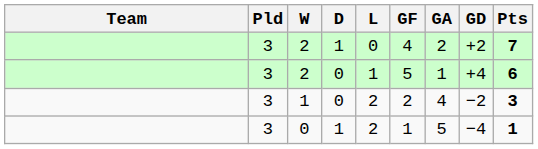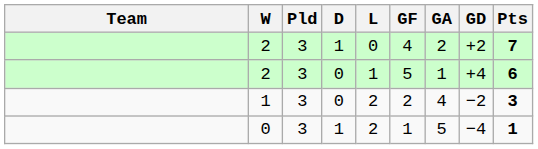 <table class="wikitable" style="text-align:center;">
 <tr>
 <th width=180>Team</th>
+<th width=20>W</th>
 <th width=20>Pld</th>
-<th width=20>W</th>
 <th width=20>D</th>
 <th width=20>L</th>
 <th width=20>GF</th>
 <th width=20>GA</th>
 <th width=20>GD</th>
 <th width=20>Pts</th>
 </tr>
 <tr align=center style="background:#ccffcc;">
 <td style="text-align:left;"></td>
+<td>2</td>
 <td>3</td>
-<td>2</td>
 <td>1</td>
 <td>0</td>
 <td>4</td>
 <td>2</td>
 <td>+2</td>
 <td><strong>7</strong></td>
 </tr>
 <tr align=center style="background:#ccffcc;">
 <td style="text-align:left;"></td>
+<td>2</td>
 <td>3</td>
-<td>2</td>
 <td>0</td>
 <td>1</td>
 <td>5</td>
 <td>1</td>
 <td>+4</td>
 <td><strong>6</strong></td>
 </tr>
 <tr align=center>
 <td style="text-align:left;"></td>
+<td>1</td>
 <td>3</td>
-<td>1</td>
 <td>0</td>
 <td>2</td>
 <td>2</td>
 <td>4</td>
 <td>−2</td>
 <td><strong>3</strong></td>
 </tr>
 <tr align=center>
 <td style="text-align:left;"></td>
+<td>0</td>
 <td>3</td>
-<td>0</td>
 <td>1</td>
 <td>2</td>
 <td>1</td>
 <td>5</td>
 <td>−4</td>
 <td><strong>1</strong></td>
 </tr>
 </table>
